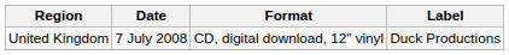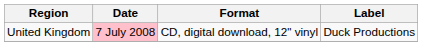 <table class="wikitable">
 <tr>
 <th>Region</th>
 <th>Date</th>
 <th>Format</th>
 <th>Label</th>
 </tr>
 <tr>
 <td>United Kingdom</td>
-<td>7 July 2008</td>
+<td style="background: pink;">7 July 2008</td>
 <td>CD, digital download, 12" vinyl</td>
 <td>Duck Productions</td>
 </tr>
 <tr>
 </tr>
 </table>
